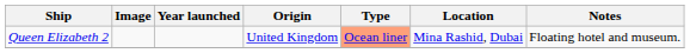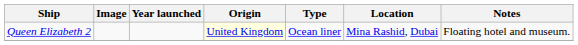 <table class="wikitable sortable">
 <tr>
 <th>Ship</th>
 <th>Image</th>
 <th>Year launched</th>
 <th>Origin</th>
 <th>Type</th>
 <th>Location</th>
 <th>Notes</th>
 </tr>
 <tr>
 <td data-sort-value=Queen Elizabeth 2><em><a href='#'>Queen Elizabeth 2</a></em></td>
 <td></td>
 <td></td>
-<td> <a href='#'>United Kingdom</a></td>
-<td style="background: lightsalmon;"><a href='#'>Ocean liner</a></td>
+<td style="background: lightyellow;"> <a href='#'>United Kingdom</a></td>
+<td><a href='#'>Ocean liner</a></td>
 <td><a href='#'>Mina Rashid</a>, <a href='#'>Dubai</a></td>
 <td>Floating hotel and museum.</td>
 </tr>
 <tr>
 </tr>
 </table>
